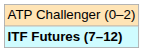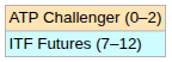 <table class=wikitable style=font-size:97%>
 <tr bgcolor=moccasin>
 <td>ATP Challenger (0–2)</td>
 </tr>
 <tr bgcolor=cffcff>
-<td><strong>ITF Futures (7–12)</strong></td>
+<td>ITF Futures (7–12)</td>
 </tr>
 </table>
